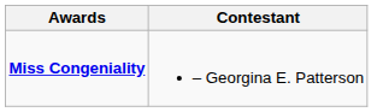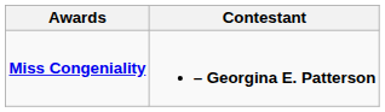 <table class="wikitable">
 <tr>
 <th>Awards</th>
 <th>Contestant</th>
 </tr>
 <tr>
 <td><strong><a href='#'>Miss Congeniality</a></strong></td>
-<td><br><ul><li> – Georgina E. Patterson</li></ul></td>
+<td><strong><br><ul><li> – Georgina E. Patterson</li></ul></strong></td>
 </tr>
 </table>
